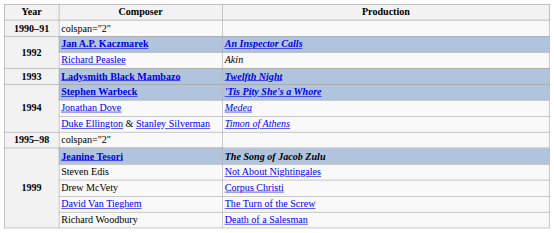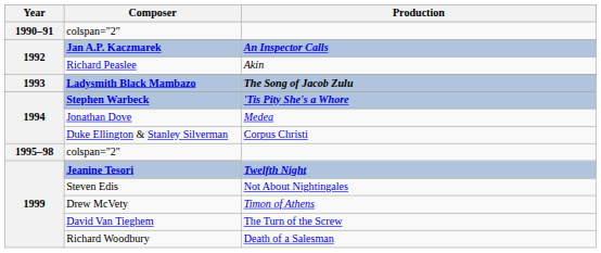 <table class="wikitable" style="width:98%;">
 <tr style="background:#bebebe;">
 <th style="width:10%;">Year</th>
 <th style="width:30%;">Composer</th>
 <th style="width:60%;">Production</th>
 </tr>
 <tr>
 <th>1990–91</th>
 <td>colspan="2" </td>
 </tr>
 <tr>
 <th rowspan="3">1992</th>
 </tr>
 <tr style="background:#B0C4DE">
 <td><strong><a href='#'>Jan A.P. Kaczmarek</a></strong></td>
 <td><strong><em><a href='#'>An Inspector Calls</a></em></strong></td>
 </tr>
 <tr>
 <td><a href='#'>Richard Peaslee</a></td>
 <td><em>Akin</em></td>
 </tr>
 <tr>
 <th rowspan="2">1993</th>
 </tr>
 <tr style="background:#B0C4DE">
 <td><strong><a href='#'>Ladysmith Black Mambazo</a></strong></td>
-<td><strong><em><a href='#'>Twelfth Night</a><em> <strong></td>
+<td><strong><em>The Song of Jacob Zulu</em></strong></td>
 </tr>
 <tr>
 <th rowspan="4">1994</th>
 </tr>
 <tr style="background:#B0C4DE">
 <td><strong><a href='#'>Stephen Warbeck</a></strong></td>
 <td><strong><em><a href='#'>'Tis Pity She's a Whore</a></em></strong></td>
 </tr>
 <tr>
 <td><a href='#'>Jonathan Dove</a></td>
 <td><em><a href='#'>Medea</a></em></td>
 </tr>
 <tr>
 <td><a href='#'>Duke Ellington</a> & <a href='#'>Stanley Silverman</a></td>
-<td><em><a href='#'>Timon of Athens</a></em></td>
+<td></em><a href='#'>Corpus Christi</a><em></td>
 </tr>
 <tr>
 <th>1995–98</th>
 <td>colspan="2" </td>
 </tr>
 <tr>
 <th rowspan="6">1999</th>
 </tr>
 <tr style="background:#B0C4DE">
 <td><strong><a href='#'>Jeanine Tesori</a></strong></td>
-<td><strong><em>The Song of Jacob Zulu</em></strong></td>
+<td><strong><em><a href='#'>Twelfth Night</a><em> <strong></td>
 </tr>
 <tr>
 <td>Steven Edis</td>
 <td></em><a href='#'>Not About Nightingales</a><em></td>
 </tr>
 <tr>
 <td>Drew McVety</td>
-<td></em><a href='#'>Corpus Christi</a><em></td>
+<td><em><a href='#'>Timon of Athens</a></em></td>
 </tr>
 <tr>
 <td><a href='#'>David Van Tieghem</a></td>
 <td></em><a href='#'>The Turn of the Screw</a><em></td>
 </tr>
 <tr>
 <td>Richard Woodbury</td>
 <td></em><a href='#'>Death of a Salesman</a><em></td>
 </tr>
 </table>
